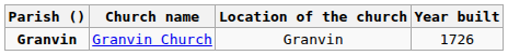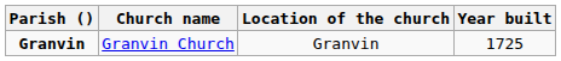 <table class="wikitable" style="text-align:center">
 <tr>
 <th>Parish ()</th>
 <th>Church name</th>
 <th>Location of the church</th>
 <th>Year built</th>
 </tr>
 <tr>
 <td><strong>Granvin</strong></td>
 <td><a href='#'>Granvin Church</a></td>
 <td>Granvin</td>
-<td>1726</td>
+<td>1725</td>
 </tr>
 </table>
